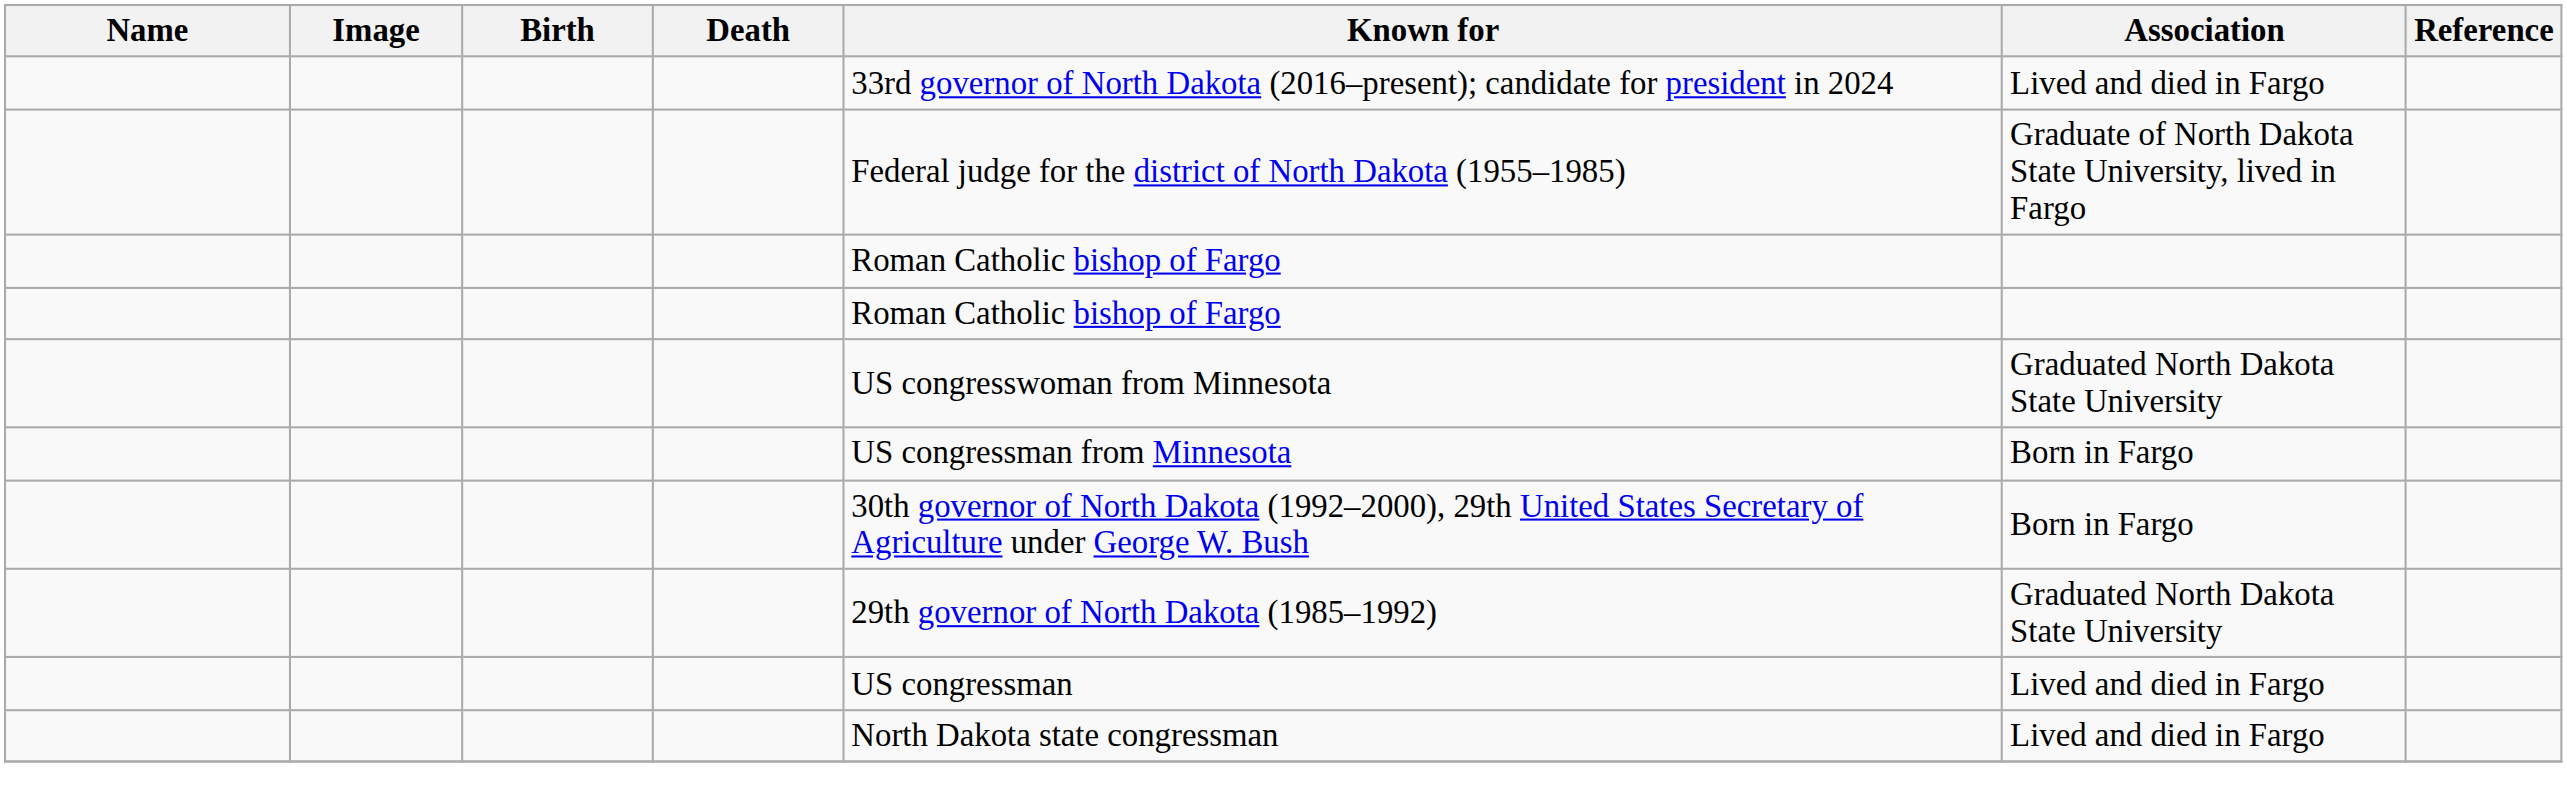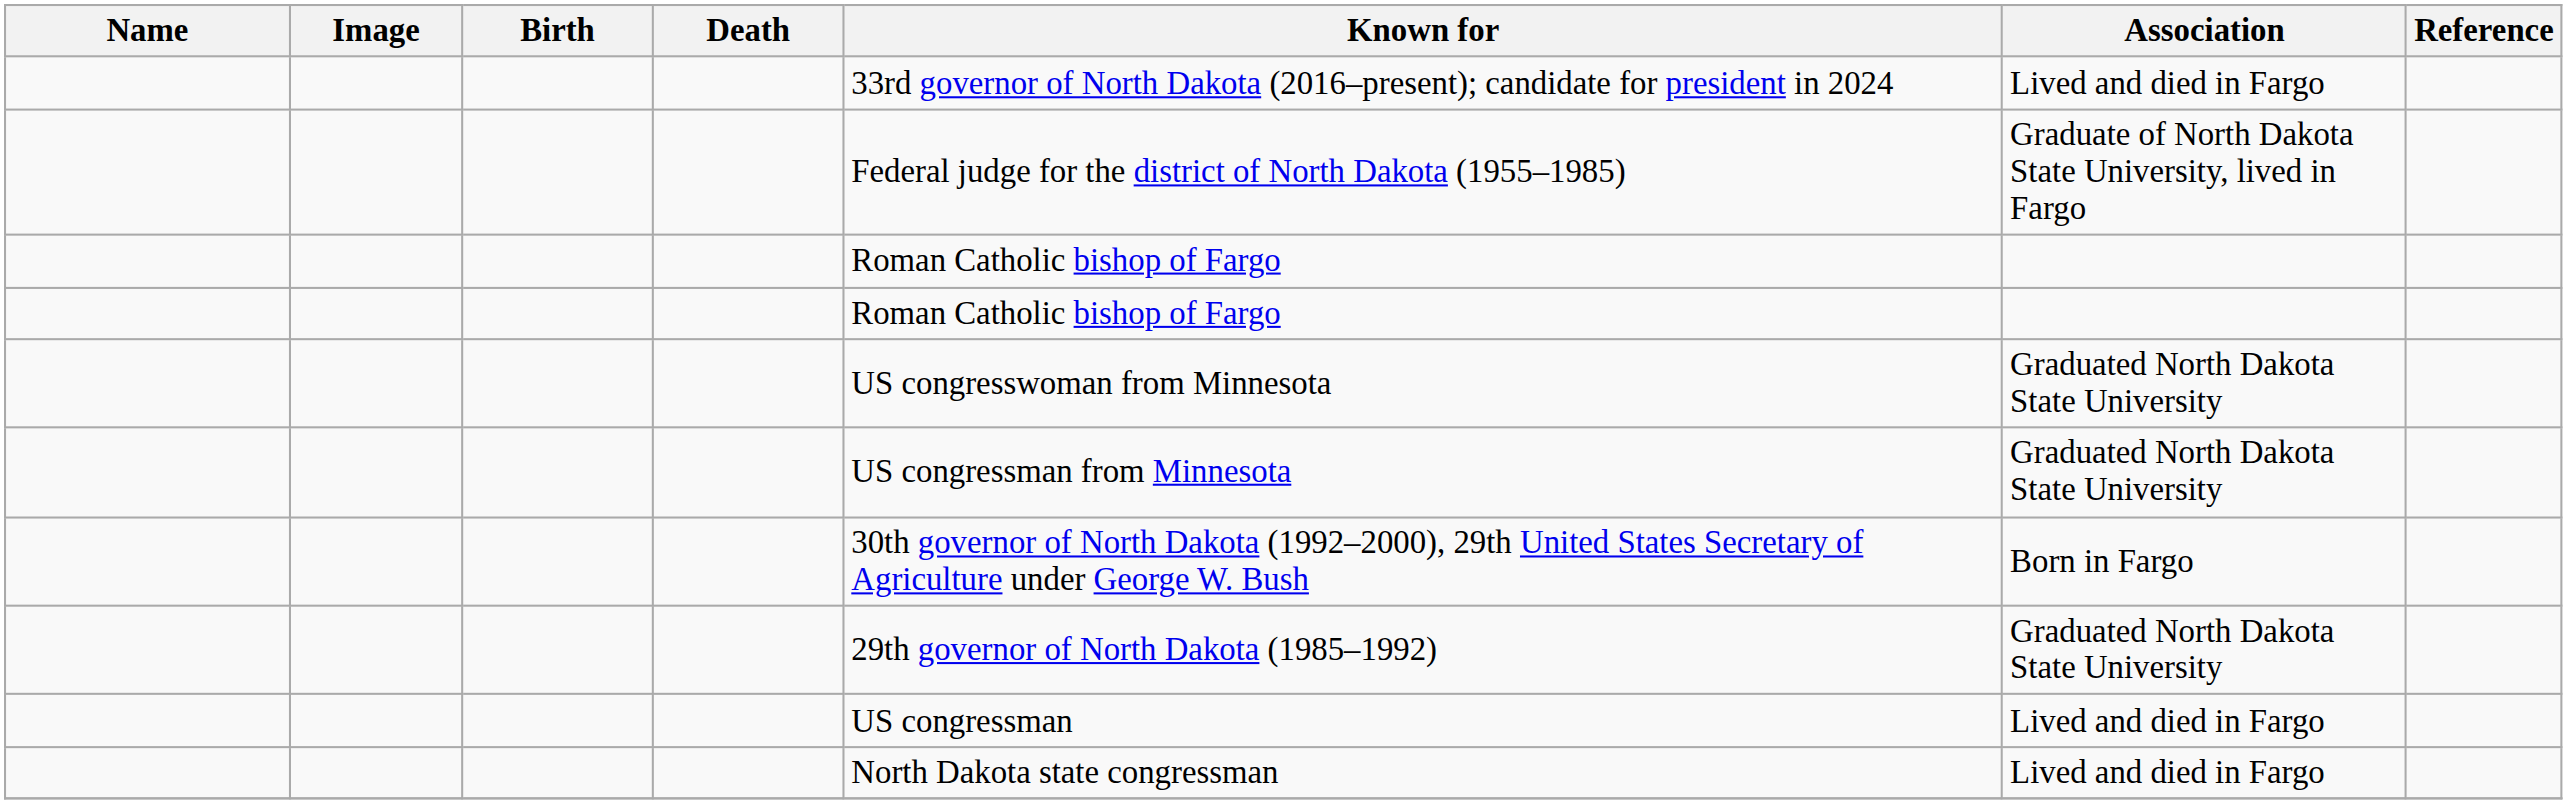 <table class="wikitable sortable">
 <tr>
 <th scope="col" width="140">Name</th>
 <th scope="col" width="80" class="unsortable">Image</th>
 <th scope="col" width="90">Birth</th>
 <th scope="col" width="90">Death</th>
 <th scope="col" width="600" class="unsortable">Known for</th>
 <th scope="col" width="200" class="unsortable">Association</th>
 <th scope="col" width="30" class="unsortable">Reference</th>
 </tr>
 <tr>
 <td></td>
 <td><br></td>
 <td align=right></td>
 <td align=right></td>
 <td>33rd <a href='#'>governor of North Dakota</a> (2016–present); candidate for <a href='#'>president</a> in 2024</td>
 <td>Lived and died in Fargo</td>
 <td align="center"></td>
 </tr>
 <tr>
 <td></td>
 <td></td>
 <td align=right></td>
 <td align=right></td>
 <td>Federal judge for the <a href='#'>district of North Dakota</a> (1955–1985)</td>
 <td>Graduate of North Dakota State University, lived in Fargo</td>
 <td align="center"></td>
 </tr>
 <tr>
 <td></td>
 <td></td>
 <td align=right></td>
 <td align=right></td>
 <td>Roman Catholic <a href='#'>bishop of Fargo</a></td>
 <td></td>
 <td align="center"></td>
 </tr>
 <tr>
 <td></td>
 <td></td>
 <td align=right></td>
 <td align=right></td>
 <td>Roman Catholic <a href='#'>bishop of Fargo</a></td>
 <td></td>
 <td align="center"></td>
 </tr>
 <tr>
 <td></td>
 <td><br></td>
 <td align=right></td>
 <td align=right></td>
 <td>US congresswoman from Minnesota</td>
 <td>Graduated North Dakota State University</td>
 <td align="center"></td>
 </tr>
 <tr>
 <td></td>
 <td></td>
 <td align=right></td>
 <td></td>
 <td>US congressman from <a href='#'>Minnesota</a></td>
-<td>Born in Fargo</td>
+<td>Graduated North Dakota State University</td>
 <td align="center"></td>
 </tr>
 <tr>
 <td></td>
 <td></td>
 <td align=right></td>
 <td align=right></td>
 <td>30th <a href='#'>governor of North Dakota</a> (1992–2000), 29th <a href='#'>United States Secretary of Agriculture</a> under <a href='#'>George W. Bush</a></td>
 <td>Born in Fargo</td>
 <td align="center"></td>
 </tr>
 <tr>
 <td></td>
 <td></td>
 <td align=right></td>
 <td align=right></td>
 <td>29th <a href='#'>governor of North Dakota</a> (1985–1992)</td>
 <td>Graduated North Dakota State University</td>
 <td align="center"></td>
 </tr>
 <tr>
 <td></td>
 <td></td>
 <td align=right></td>
 <td align=right></td>
 <td>US congressman</td>
 <td>Lived and died in Fargo</td>
 <td align="center"></td>
 </tr>
 <tr>
 <td></td>
 <td></td>
 <td align=right></td>
 <td align=right></td>
 <td>North Dakota state congressman</td>
 <td>Lived and died in Fargo</td>
 <td align="center"></td>
 </tr>
 <tr>
 </tr>
 </table>
